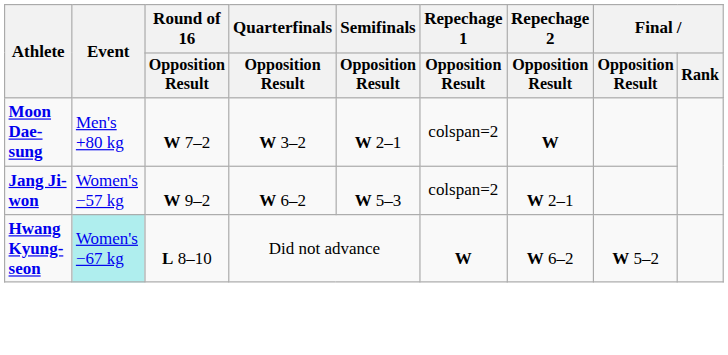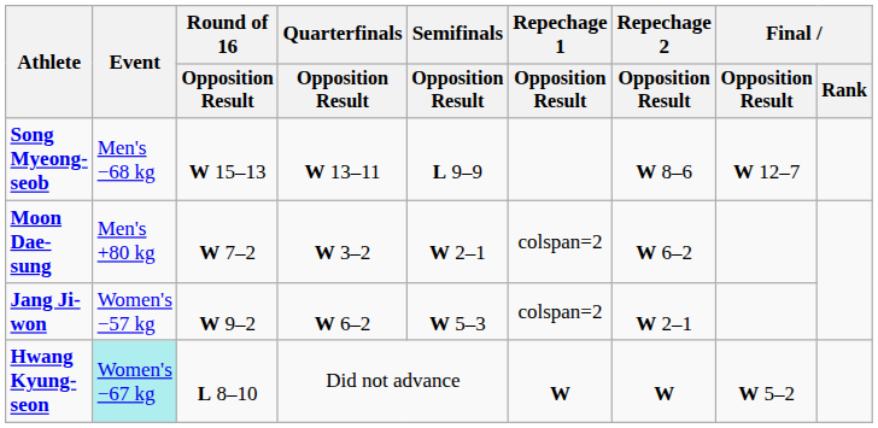 <table class="wikitable" style="font-size:90%;">
 <tr>
 <th rowspan=2>Athlete</th>
 <th rowspan=2>Event</th>
 <th>Round of 16</th>
 <th>Quarterfinals</th>
 <th>Semifinals</th>
 <th>Repechage 1</th>
 <th>Repechage 2</th>
 <th colspan=2>Final / </th>
 </tr>
 <tr style="font-size:95%">
 <th>Opposition<br>Result</th>
 <th>Opposition<br>Result</th>
 <th>Opposition<br>Result</th>
 <th>Opposition<br>Result</th>
 <th>Opposition<br>Result</th>
 <th>Opposition<br>Result</th>
 <th>Rank</th>
 </tr>
 <tr align=center>
+<td align=left><strong><a href='#'>Song Myeong-seob</a></strong></td>
+<td align=left><a href='#'>Men's −68 kg</a></td>
+<td><br><strong>W</strong> 15–13</td>
+<td><br><strong>W</strong> 13–11</td>
+<td><br><strong>L</strong> 9–9 </td>
+<td></td>
+<td><br><strong>W</strong> 8–6</td>
+<td><br><strong>W</strong> 12–7</td>
+<td></td>
+</tr>
+<tr align=center>
 <td align=left><strong><a href='#'>Moon Dae-sung</a></strong></td>
 <td align=left><a href='#'>Men's +80 kg</a></td>
 <td><br><strong>W</strong> 7–2</td>
 <td><br><strong>W</strong> 3–2</td>
 <td><br><strong>W</strong> 2–1</td>
 <td>colspan=2 </td>
-<td><br><strong>W</strong> </td>
+<td><br><strong>W</strong> 6–2</td>
 <td></td>
 </tr>
 <tr align=center>
 <td align=left><strong><a href='#'>Jang Ji-won</a></strong></td>
 <td align=left><a href='#'>Women's −57 kg</a></td>
 <td><br><strong>W</strong> 9–2</td>
 <td><br><strong>W</strong> 6–2</td>
 <td><br><strong>W</strong> 5–3</td>
 <td>colspan=2 </td>
 <td><br><strong>W</strong> 2–1</td>
 <td></td>
 </tr>
 <tr align=center>
 <td align=left><strong><a href='#'>Hwang Kyung-seon</a></strong></td>
 <td align=left style="background: paleturquoise;"><a href='#'>Women's −67 kg</a></td>
 <td><br><strong>L</strong> 8–10</td>
 <td colspan=2>Did not advance</td>
 <td><br><strong>W</strong> </td>
-<td><br><strong>W</strong> 6–2</td>
+<td><br><strong>W</strong> </td>
 <td><br><strong>W</strong> 5–2</td>
 <td></td>
 </tr>
 </table>
